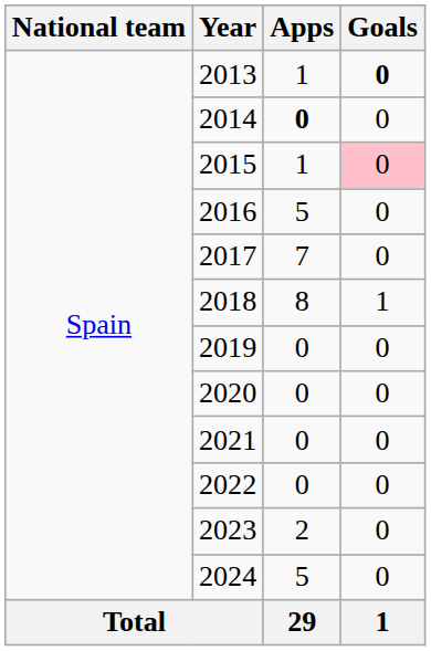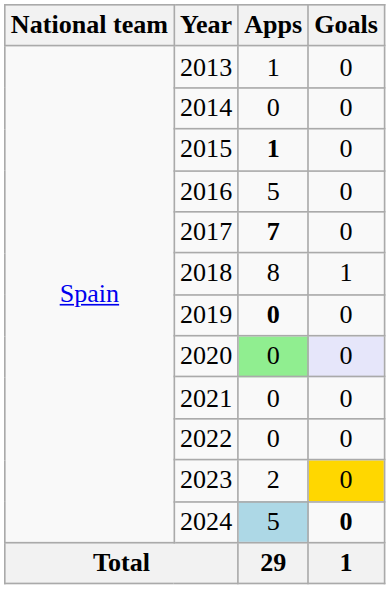 <table class="wikitable" style="text-align:center">
 <tr>
 <th>National team</th>
 <th>Year</th>
 <th>Apps</th>
 <th>Goals</th>
 </tr>
 <tr>
 <td rowspan="12"><a href='#'>Spain</a></td>
 <td>2013</td>
 <td>1</td>
-<td><strong>0</strong></td>
+<td>0</td>
 </tr>
 <tr>
 <td>2014</td>
-<td><strong>0</strong></td>
+<td>0</td>
 <td>0</td>
 </tr>
 <tr>
 <td>2015</td>
-<td>1</td>
-<td style="background: pink;">0</td>
+<td><strong>1</strong></td>
+<td>0</td>
 </tr>
 <tr>
 <td>2016</td>
 <td>5</td>
 <td>0</td>
 </tr>
 <tr>
 <td>2017</td>
-<td>7</td>
+<td><strong>7</strong></td>
 <td>0</td>
 </tr>
 <tr>
 <td>2018</td>
 <td>8</td>
 <td>1</td>
 </tr>
 <tr>
 <td>2019</td>
-<td>0</td>
+<td><strong>0</strong></td>
 <td>0</td>
 </tr>
 <tr>
 <td>2020</td>
-<td>0</td>
-<td>0</td>
+<td style="background: lightgreen;">0</td>
+<td style="background: lavender;">0</td>
 </tr>
 <tr>
 <td>2021</td>
 <td>0</td>
 <td>0</td>
 </tr>
 <tr>
 <td>2022</td>
 <td>0</td>
 <td>0</td>
 </tr>
 <tr>
 <td>2023</td>
 <td>2</td>
-<td>0</td>
+<td style="background: gold;">0</td>
 </tr>
 <tr>
 <td>2024</td>
-<td>5</td>
-<td>0</td>
+<td style="background: lightblue;">5</td>
+<td><strong>0</strong></td>
 </tr>
 <tr>
 <th colspan="2">Total</th>
 <th>29</th>
 <th>1</th>
 </tr>
 </table>
